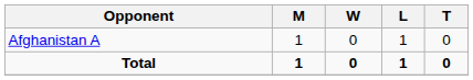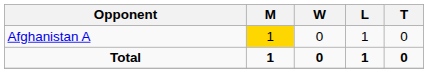 <table class="wikitable" style="text-align: center; width: 500px;">
 <tr>
 <th>Opponent</th>
 <th>M</th>
 <th>W</th>
 <th>L</th>
 <th>T</th>
 </tr>
 <tr>
 <td align="left"> <a href='#'>Afghanistan A</a></td>
-<td>1</td>
+<td style="background: gold;">1</td>
 <td>0</td>
 <td>1</td>
 <td>0</td>
 </tr>
 <tr>
 <td><strong>Total</strong></td>
 <td><strong>1</strong></td>
 <td><strong>0</strong></td>
 <td><strong>1</strong></td>
 <td><strong>0</strong></td>
 </tr>
 <tr>
 </tr>
 </table>
